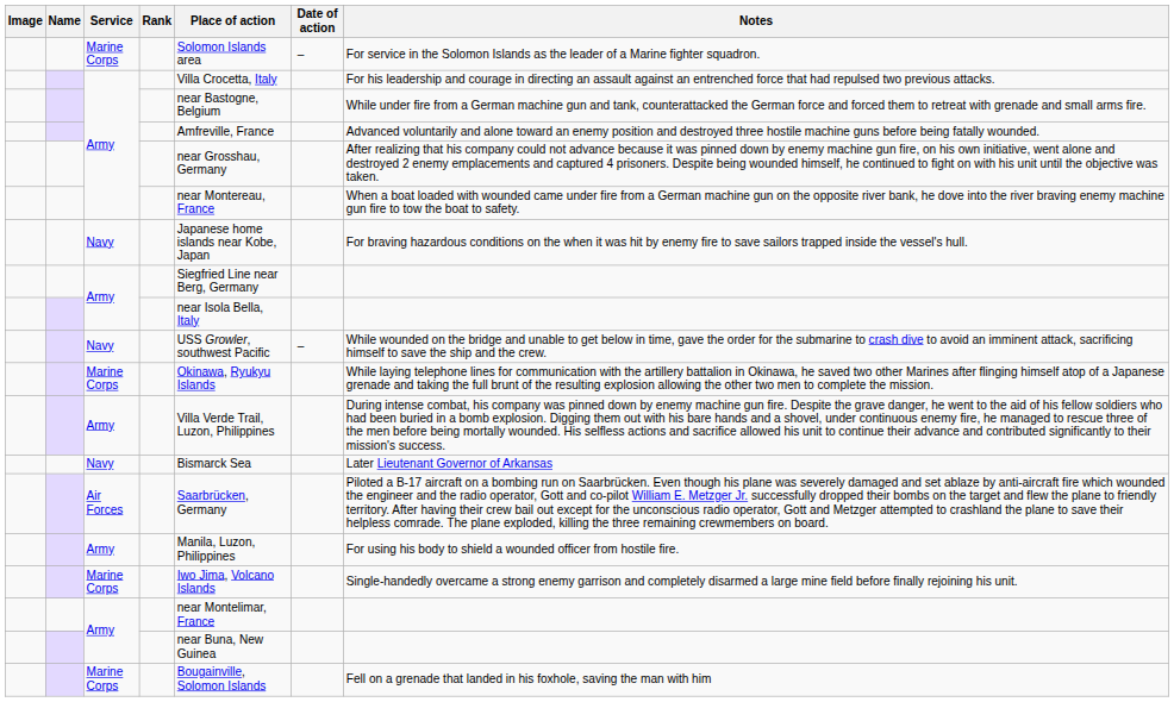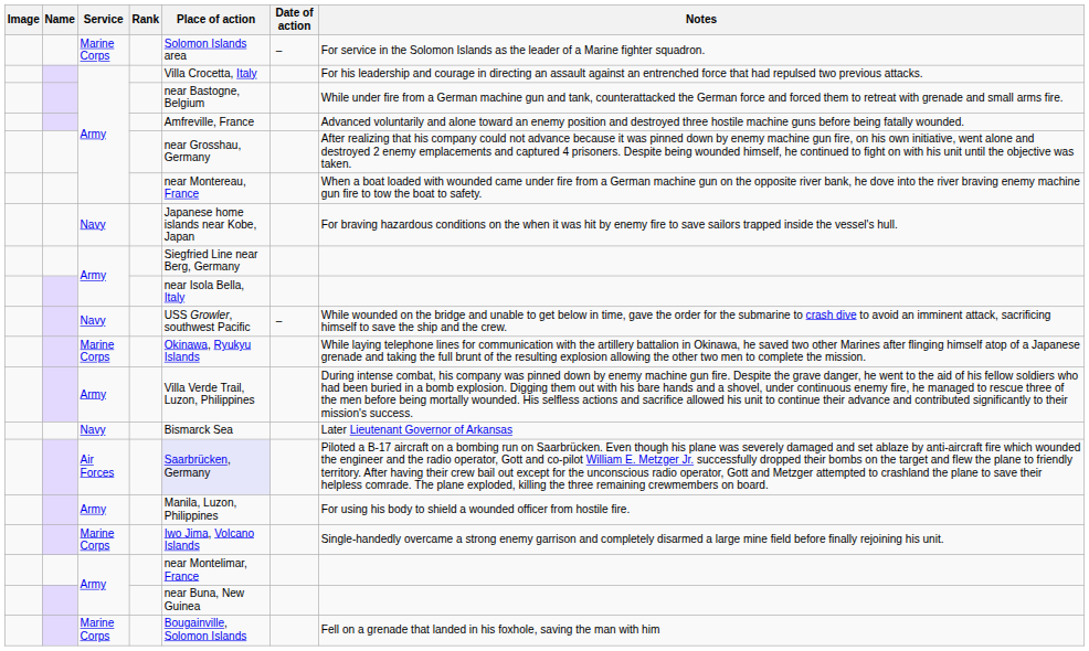 <table class="wikitable sortable" width="98%">
 <tr>
 <th class="unsortable">Image</th>
 <th>Name</th>
 <th>Service</th>
 <th>Rank</th>
 <th>Place of action</th>
 <th>Date of action</th>
 <th class="unsortable">Notes</th>
 </tr>
 <tr>
 <td></td>
 <td></td>
 <td><a href='#'>Marine Corps</a></td>
 <td></td>
 <td><a href='#'>Solomon Islands</a> area</td>
 <td> – </td>
 <td>For service in the Solomon Islands as the leader of a Marine fighter squadron.</td>
 </tr>
 <tr>
 <td></td>
 <td style="background:#e3d9ff;"></td>
 <td rowspan="5"><a href='#'>Army</a></td>
 <td></td>
 <td>Villa Crocetta, <a href='#'>Italy</a></td>
 <td></td>
 <td>For his leadership and courage in directing an assault against an entrenched force that had repulsed two previous attacks.</td>
 </tr>
 <tr>
 <td></td>
 <td style="background:#e3d9ff;"></td>
 <td></td>
 <td>near Bastogne, Belgium</td>
 <td></td>
 <td>While under fire from a German machine gun and tank, counterattacked the German force and forced them to retreat with grenade and small arms fire.</td>
 </tr>
 <tr>
 <td></td>
 <td style="background:#e3d9ff;"></td>
 <td></td>
 <td>Amfreville, France</td>
 <td></td>
 <td>Advanced voluntarily and alone toward an enemy position and destroyed three hostile machine guns before being fatally wounded.</td>
 </tr>
 <tr>
 <td></td>
 <td></td>
 <td></td>
 <td>near Grosshau, Germany</td>
 <td></td>
 <td>After realizing that his company could not advance because it was pinned down by enemy machine gun fire, on his own initiative, went alone and destroyed 2 enemy emplacements and captured 4 prisoners. Despite being wounded himself, he continued to fight on with his unit until the objective was taken.</td>
 </tr>
 <tr>
 <td></td>
 <td></td>
 <td></td>
 <td>near Montereau, <a href='#'>France</a></td>
 <td></td>
 <td>When a boat loaded with wounded came under fire from a German machine gun on the opposite river bank, he dove into the river braving enemy machine gun fire to tow the boat to safety.</td>
 </tr>
 <tr>
 <td></td>
 <td></td>
 <td><a href='#'>Navy</a></td>
 <td></td>
 <td>Japanese home islands near Kobe, Japan</td>
 <td></td>
 <td>For braving hazardous conditions on the  when it was hit by enemy fire to save sailors trapped inside the vessel's hull.</td>
 </tr>
 <tr>
 <td></td>
 <td></td>
 <td rowspan="2"><a href='#'>Army</a></td>
 <td></td>
 <td>Siegfried Line near Berg, Germany</td>
 <td></td>
 <td></td>
 </tr>
 <tr>
 <td></td>
 <td style="background:#e3d9ff;"></td>
 <td></td>
 <td>near Isola Bella, <a href='#'>Italy</a></td>
 <td></td>
 <td></td>
 </tr>
 <tr>
 <td></td>
 <td style="background:#e3d9ff;"></td>
 <td><a href='#'>Navy</a></td>
 <td></td>
 <td>USS <em>Growler</em>, southwest Pacific</td>
 <td> – </td>
 <td>While wounded on the bridge and unable to get below in time, gave the order for the submarine to <a href='#'>crash dive</a> to avoid an imminent attack, sacrificing himself to save the ship and the crew.</td>
 </tr>
 <tr>
 <td></td>
 <td style="background:#e3d9ff;"></td>
 <td><a href='#'>Marine Corps</a></td>
 <td></td>
 <td><a href='#'>Okinawa</a>, <a href='#'>Ryukyu Islands</a></td>
 <td></td>
 <td>While laying telephone lines for communication with the artillery battalion in Okinawa, he saved two other Marines after flinging himself atop of a Japanese grenade and taking the full brunt of the resulting explosion allowing the other two men to complete the mission.</td>
 </tr>
 <tr>
 <td></td>
 <td style="background:#e3d9ff;"></td>
 <td><a href='#'>Army</a></td>
 <td></td>
 <td>Villa Verde Trail, Luzon, Philippines</td>
 <td></td>
 <td>During intense combat, his company was pinned down by enemy machine gun fire. Despite the grave danger, he went to the aid of his fellow soldiers who had been buried in a bomb explosion. Digging them out with his bare hands and a shovel, under continuous enemy fire, he managed to rescue three of the men before being mortally wounded. His selfless actions and sacrifice allowed his unit to continue their advance and contributed significantly to their mission's success.</td>
 </tr>
 <tr>
 <td></td>
 <td></td>
 <td><a href='#'>Navy</a></td>
 <td></td>
 <td>Bismarck Sea</td>
 <td></td>
 <td>Later <a href='#'>Lieutenant Governor of Arkansas</a></td>
 </tr>
 <tr>
 <td></td>
 <td style="background:#e3d9ff;"></td>
 <td><a href='#'>Air Forces</a></td>
 <td></td>
-<td><a href='#'>Saarbrücken</a>, Germany</td>
+<td style="background: lavender;"><a href='#'>Saarbrücken</a>, Germany</td>
 <td></td>
 <td>Piloted a B-17 aircraft on a bombing run on Saarbrücken. Even though his plane was severely damaged and set ablaze by anti-aircraft fire which wounded the engineer and the radio operator, Gott and co-pilot <a href='#'>William E. Metzger Jr.</a> successfully dropped their bombs on the target and flew the plane to friendly territory. After having their crew bail out except for the unconscious radio operator, Gott and Metzger attempted to crashland the plane to save their helpless comrade. The plane exploded, killing the three remaining crewmembers on board.</td>
 </tr>
 <tr>
 <td></td>
 <td style="background:#e3d9ff;"></td>
 <td><a href='#'>Army</a></td>
 <td></td>
 <td>Manila, Luzon, Philippines</td>
 <td></td>
 <td>For using his body to shield a wounded officer from hostile fire.</td>
 </tr>
 <tr>
 <td></td>
 <td style="background:#e3d9ff;"></td>
 <td><a href='#'>Marine Corps</a></td>
 <td></td>
 <td><a href='#'>Iwo Jima</a>, <a href='#'>Volcano Islands</a></td>
 <td></td>
 <td>Single-handedly overcame a strong enemy garrison and completely disarmed a large mine field before finally rejoining his unit.</td>
 </tr>
 <tr>
 <td></td>
 <td></td>
 <td rowspan="2"><a href='#'>Army</a></td>
 <td></td>
 <td>near Montelimar, <a href='#'>France</a></td>
 <td></td>
 <td></td>
 </tr>
 <tr>
 <td></td>
 <td style="background:#e3d9ff;"></td>
 <td></td>
 <td>near Buna, New Guinea</td>
 <td></td>
 <td></td>
 </tr>
 <tr>
 <td></td>
 <td style="background:#e3d9ff;"></td>
 <td><a href='#'>Marine Corps</a></td>
 <td></td>
 <td><a href='#'>Bougainville</a>, <a href='#'>Solomon Islands</a></td>
 <td></td>
 <td>Fell on a grenade that landed in his foxhole, saving the man with him</td>
 </tr>
 </table>
